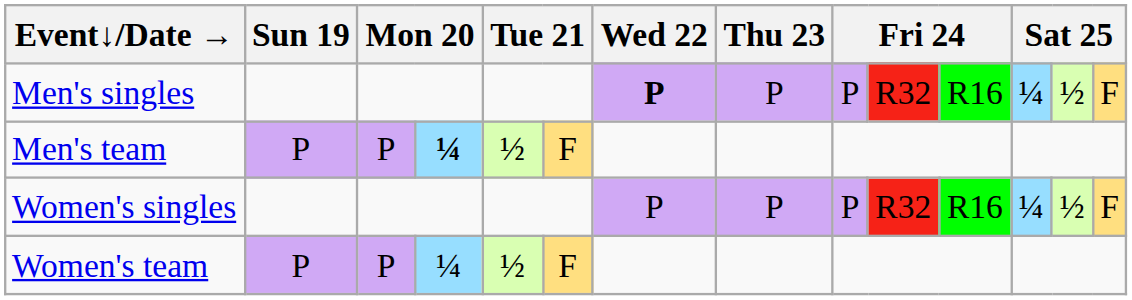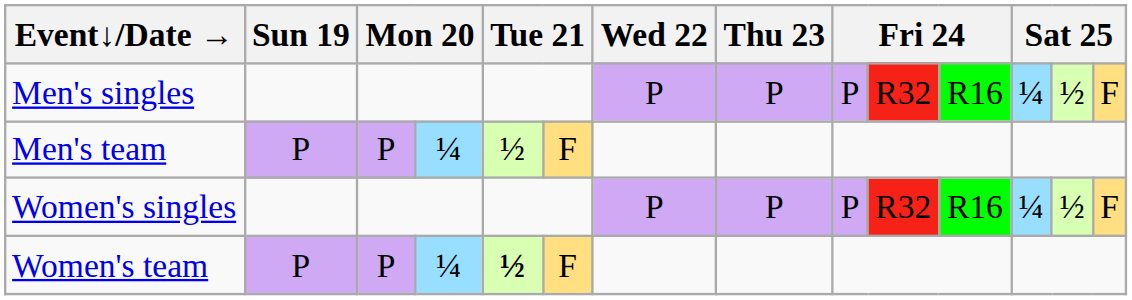 <table class="wikitable" style="margin:0.5em auto; font-size:90%; line-height:1.25em;">
 <tr style="text-align:center;">
 <th>Event↓/Date →</th>
 <th>Sun 19</th>
 <th colspan="2">Mon 20</th>
 <th colspan="2">Tue 21</th>
 <th>Wed 22</th>
 <th>Thu 23</th>
 <th colspan="3">Fri 24</th>
 <th colspan="3">Sat 25</th>
 </tr>
 <tr style="text-align:center;">
 <td style="text-align:left;"><a href='#'>Men's singles</a></td>
 <td></td>
 <td colspan="2"></td>
 <td colspan="2"></td>
-<td style="background-color:#D0A9F5;"><strong>P</strong></td>
+<td style="background-color:#D0A9F5;">P</td>
 <td style="background-color:#D0A9F5;">P</td>
 <td style="background-color:#D0A9F5;">P</td>
 <td style="background-color:#F62217;">R32</td>
 <td style="background-color:#00FF00;">R16</td>
 <td style="background-color:#97DEFF;">¼</td>
 <td style="background-color:#D9FFB2;">½</td>
 <td style="background-color:#FFDF80;">F</td>
 </tr>
 <tr style="text-align:center;">
 <td style="text-align:left;"><a href='#'>Men's team</a></td>
 <td style="background-color:#D0A9F5;">P</td>
 <td style="background-color:#D0A9F5;">P</td>
-<td style="background-color:#97DEFF;"><strong>¼</strong></td>
+<td style="background-color:#97DEFF;">¼</td>
 <td style="background-color:#D9FFB2;">½</td>
 <td style="background-color:#FFDF80;">F</td>
 <td></td>
 <td></td>
 <td colspan="3"></td>
 <td colspan="3"></td>
 </tr>
 <tr style="text-align:center;">
 <td style="text-align:left;"><a href='#'>Women's singles</a></td>
 <td></td>
 <td colspan="2"></td>
 <td colspan="2"></td>
 <td style="background-color:#D0A9F5;">P</td>
 <td style="background-color:#D0A9F5;">P</td>
 <td style="background-color:#D0A9F5;">P</td>
 <td style="background-color:#F62217;">R32</td>
 <td style="background-color:#00FF00;">R16</td>
 <td style="background-color:#97DEFF;">¼</td>
 <td style="background-color:#D9FFB2;">½</td>
 <td style="background-color:#FFDF80;">F</td>
 </tr>
 <tr style="text-align:center;">
 <td style="text-align:left;"><a href='#'>Women's team</a></td>
 <td style="background-color:#D0A9F5;">P</td>
 <td style="background-color:#D0A9F5;">P</td>
 <td style="background-color:#97DEFF;">¼</td>
-<td style="background-color:#D9FFB2;">½</td>
+<td style="background-color:#D9FFB2;"><strong>½</strong></td>
 <td style="background-color:#FFDF80;">F</td>
 <td></td>
 <td></td>
 <td colspan="3"></td>
 <td colspan="3"></td>
 </tr>
 </table>
